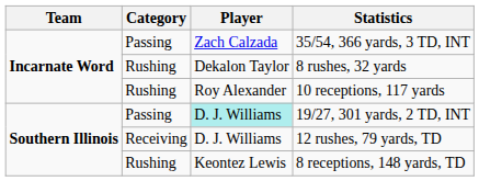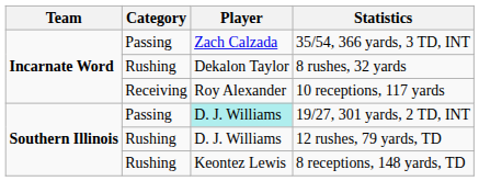 <table class="wikitable" style="float: right;">
 <tr>
 <th>Team</th>
 <th>Category</th>
 <th>Player</th>
 <th>Statistics</th>
 </tr>
 <tr>
 <td rowspan=3><strong>Incarnate Word</strong></td>
 <td>Passing</td>
 <td><a href='#'>Zach Calzada</a></td>
 <td>35/54, 366 yards, 3 TD, INT</td>
 </tr>
 <tr>
 <td>Rushing</td>
 <td>Dekalon Taylor</td>
 <td>8 rushes, 32 yards</td>
 </tr>
 <tr>
-<td>Rushing</td>
+<td>Receiving</td>
 <td>Roy Alexander</td>
 <td>10 receptions, 117 yards</td>
 </tr>
 <tr>
 <td rowspan=3><strong>Southern Illinois</strong></td>
 <td>Passing</td>
 <td style="background: paleturquoise;">D. J. Williams</td>
 <td>19/27, 301 yards, 2 TD, INT</td>
 </tr>
 <tr>
-<td>Receiving</td>
+<td>Rushing</td>
 <td>D. J. Williams</td>
 <td>12 rushes, 79 yards, TD</td>
 </tr>
 <tr>
 <td>Rushing</td>
 <td>Keontez Lewis</td>
 <td>8 receptions, 148 yards, TD</td>
 </tr>
 </table>
